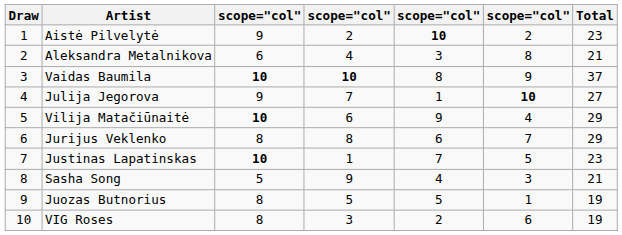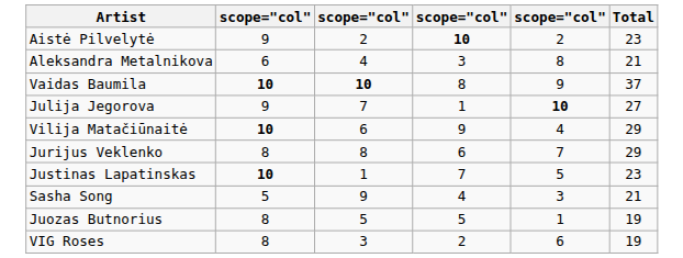 <table class="wikitable collapsible" style="margin: 1em auto 1em auto; text-align:center;">
 <tr>
-<th>Draw</th>
 <th>Artist</th>
 <th>scope="col" </th>
 <th>scope="col" </th>
 <th>scope="col" </th>
 <th>scope="col" </th>
 <th>Total</th>
 </tr>
 <tr>
-<td>1</td>
 <td align="left">Aistė Pilvelytė</td>
 <td>9</td>
 <td>2</td>
 <td><strong>10</strong></td>
 <td>2</td>
 <td>23</td>
 </tr>
 <tr>
-<td>2</td>
 <td align="left">Aleksandra Metalnikova</td>
 <td>6</td>
 <td>4</td>
 <td>3</td>
 <td>8</td>
 <td>21</td>
 </tr>
 <tr>
-<td>3</td>
 <td align="left">Vaidas Baumila</td>
 <td><strong>10</strong></td>
 <td><strong>10</strong></td>
 <td>8</td>
 <td>9</td>
 <td>37</td>
 </tr>
 <tr>
-<td>4</td>
 <td align="left">Julija Jegorova</td>
 <td>9</td>
 <td>7</td>
 <td>1</td>
 <td><strong>10</strong></td>
 <td>27</td>
 </tr>
 <tr>
-<td>5</td>
 <td align="left">Vilija Matačiūnaitė</td>
 <td><strong>10</strong></td>
 <td>6</td>
 <td>9</td>
 <td>4</td>
 <td>29</td>
 </tr>
 <tr>
-<td>6</td>
 <td align="left">Jurijus Veklenko</td>
 <td>8</td>
 <td>8</td>
 <td>6</td>
 <td>7</td>
 <td>29</td>
 </tr>
 <tr>
-<td>7</td>
 <td align="left">Justinas Lapatinskas</td>
 <td><strong>10</strong></td>
 <td>1</td>
 <td>7</td>
 <td>5</td>
 <td>23</td>
 </tr>
 <tr>
-<td>8</td>
 <td align="left">Sasha Song</td>
 <td>5</td>
 <td>9</td>
 <td>4</td>
 <td>3</td>
 <td>21</td>
 </tr>
 <tr>
-<td>9</td>
 <td align="left">Juozas Butnorius</td>
 <td>8</td>
 <td>5</td>
 <td>5</td>
 <td>1</td>
 <td>19</td>
 </tr>
 <tr>
-<td>10</td>
 <td align="left">VIG Roses</td>
 <td>8</td>
 <td>3</td>
 <td>2</td>
 <td>6</td>
 <td>19</td>
 </tr>
 </table>
